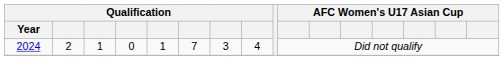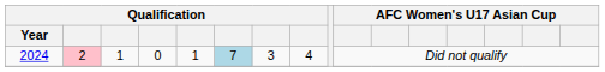 <table class="wikitable" style="text-align: center;">
 <tr>
 <th colspan=8>Qualification</th>
 <th style="width:1%;" rowspan="22"></th>
 <th colspan=7>AFC Women's U17 Asian Cup</th>
 </tr>
 <tr>
 <th width=50>Year</th>
 <th width=30></th>
 <th width=30></th>
 <th width=30></th>
 <th width=30></th>
 <th width=30></th>
 <th width=30></th>
 <th width=30></th>
 <th width=30></th>
 <th width=30></th>
 <th width=30></th>
 <th width=30></th>
 <th width=30></th>
 <th width=30></th>
 <th width=30></th>
 </tr>
 <tr>
 <td> <a href='#'>2024</a></td>
-<td>2</td>
+<td style="background: pink;">2</td>
 <td>1</td>
 <td>0</td>
 <td>1</td>
-<td>7</td>
+<td style="background: lightblue;">7</td>
 <td>3</td>
 <td>4</td>
 <td colspan=8><em>Did not qualify</em></td>
 </tr>
 <tr>
 </tr>
 </table>
